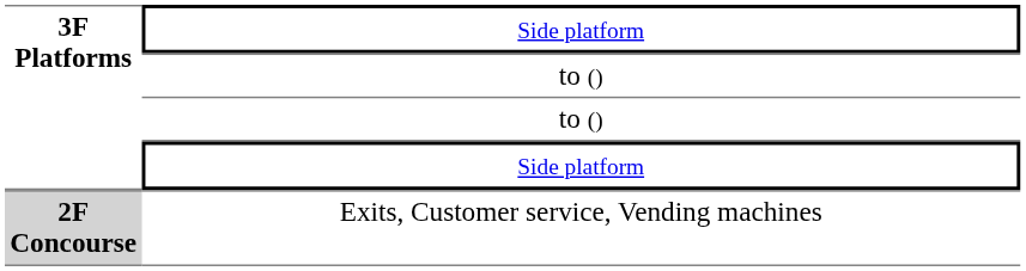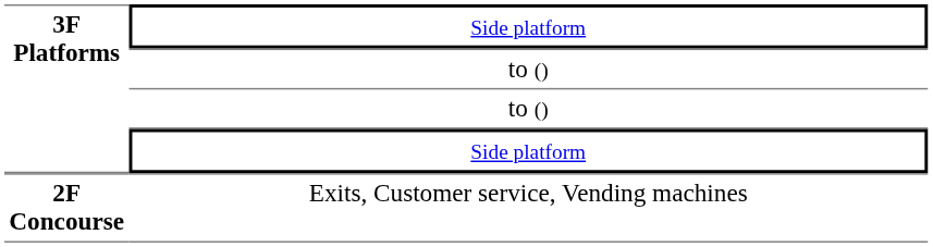 <table table border=0 cellspacing=0 cellpadding=3>
 <tr>
 <td style="border-bottom:solid 1px gray; border-top:solid 1px gray;text-align:center" rowspan="4" valign=top><strong>3F<br>Platforms</strong></td>
 <td style="border-right:solid 2px black;border-left:solid 2px black;border-top:solid 2px black;border-bottom:solid 2px black;text-align:center;" colspan=2><small><a href='#'>Side platform</a></small></td>
 </tr>
 <tr>
 <td style="border-bottom:solid 1px gray; border-top:solid 1px gray;text-align:center;">  to  <small>()</small></td>
 </tr>
 <tr>
 <td style="border-bottom:solid 1px gray;text-align:center;"> to  <small>() </small></td>
 </tr>
 <tr>
 <td style="border-right:solid 2px black;border-left:solid 2px black;border-top:solid 2px black;border-bottom:solid 2px black;text-align:center;" colspan=2><small><a href='#'>Side platform</a></small></td>
 </tr>
 <tr>
-<td style="background: lightgrey; border-bottom:solid 1px gray; border-top:solid 1px gray;text-align:center" valign=top><strong>2F<br>Concourse</strong></td>
+<td style="border-bottom:solid 1px gray; border-top:solid 1px gray;text-align:center" valign=top><strong>2F<br>Concourse</strong></td>
 <td style="border-bottom:solid 1px gray; border-top:solid 1px gray;text-align:center;" valign=top width=500>Exits, Customer service, Vending machines</td>
 </tr>
 </table>
